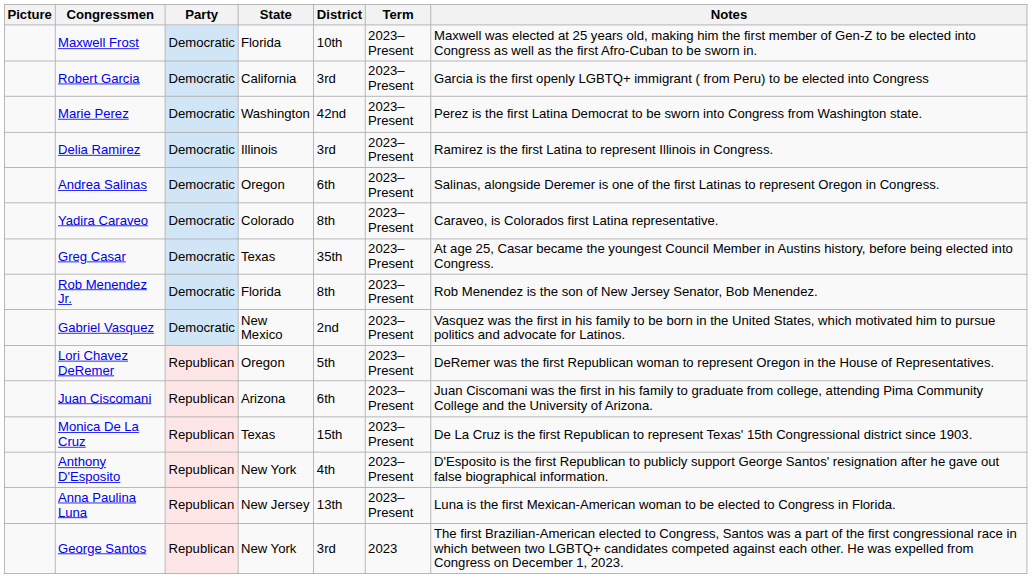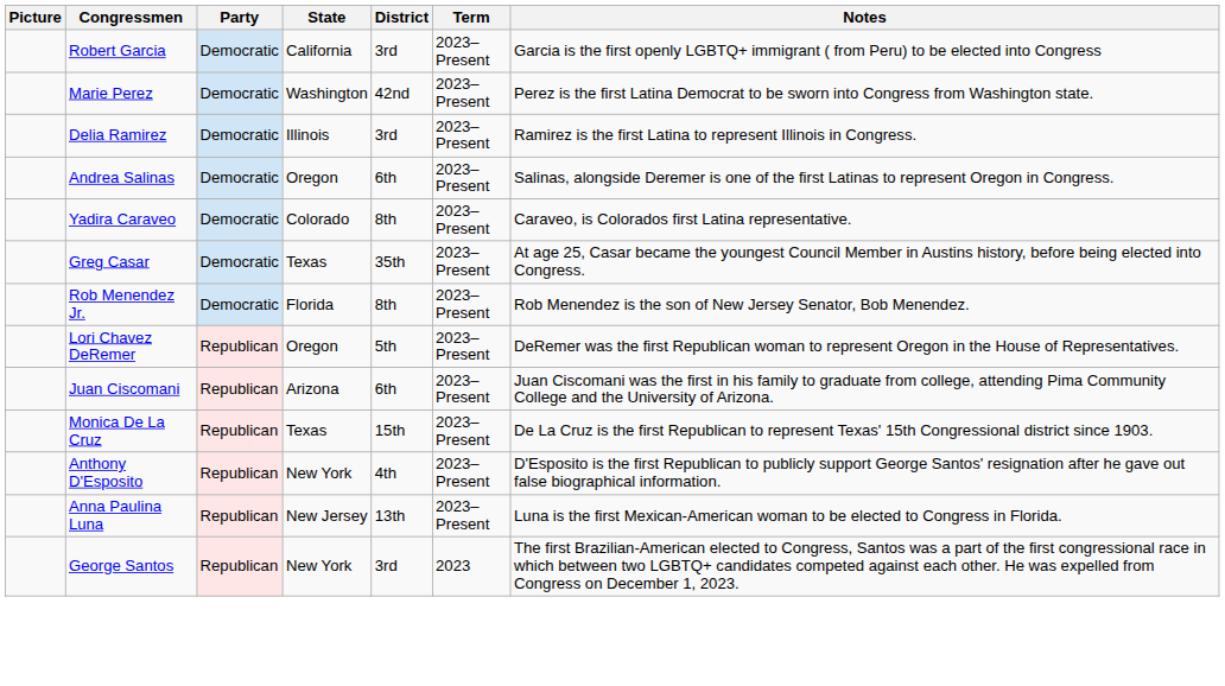 <table class="wikitable">
 <tr>
 <th>Picture</th>
 <th>Congressmen</th>
 <th>Party</th>
 <th>State</th>
 <th>District</th>
 <th>Term</th>
 <th>Notes</th>
-</tr>
-<tr>
-<td></td>
-<td><a href='#'>Maxwell Frost</a></td>
-<td style="background:#d0e5f5;">Democratic</td>
-<td>Florida</td>
-<td>10th</td>
-<td>2023–Present</td>
-<td>Maxwell was elected at 25 years old, making him the first member of Gen-Z to be elected into Congress as well as the first Afro-Cuban to be sworn in.</td>
 </tr>
 <tr>
 <td></td>
 <td><a href='#'>Robert Garcia</a></td>
 <td style="background:#d0e5f5;">Democratic</td>
 <td>California</td>
 <td>3rd</td>
 <td>2023–Present</td>
 <td>Garcia is the first openly LGBTQ+ immigrant ( from Peru) to be elected into Congress </td>
 </tr>
 <tr>
 <td></td>
 <td><a href='#'>Marie Perez</a></td>
 <td style="background:#d0e5f5;">Democratic</td>
 <td>Washington</td>
 <td>42nd</td>
 <td>2023–Present</td>
 <td>Perez is the first Latina Democrat to be sworn into Congress from Washington state.</td>
 </tr>
 <tr>
 <td></td>
 <td><a href='#'>Delia Ramirez</a></td>
 <td style="background:#d0e5f5;">Democratic</td>
 <td>Illinois</td>
 <td>3rd</td>
 <td>2023–Present</td>
 <td>Ramirez is the first Latina to represent Illinois in Congress.</td>
 </tr>
 <tr>
 <td></td>
 <td><a href='#'>Andrea Salinas</a></td>
 <td style="background:#d0e5f5;">Democratic</td>
 <td>Oregon</td>
 <td>6th</td>
 <td>2023–Present</td>
 <td>Salinas, alongside Deremer is one of the first Latinas to represent Oregon in Congress.</td>
 </tr>
 <tr>
 <td></td>
 <td><a href='#'>Yadira Caraveo</a></td>
 <td style="background:#d0e5f5;">Democratic</td>
 <td>Colorado</td>
 <td>8th</td>
 <td>2023–Present</td>
 <td>Caraveo, is Colorados first Latina representative.</td>
 </tr>
 <tr>
 <td></td>
 <td><a href='#'>Greg Casar</a></td>
 <td style="background:#d0e5f5;">Democratic</td>
 <td>Texas</td>
 <td>35th</td>
 <td>2023–Present</td>
 <td>At age 25, Casar became the youngest Council Member in Austins history, before being elected into  Congress.</td>
 </tr>
 <tr>
 <td></td>
 <td><a href='#'>Rob Menendez Jr.</a></td>
 <td style="background:#d0e5f5;">Democratic</td>
 <td>Florida</td>
 <td>8th</td>
 <td>2023–Present</td>
 <td>Rob Menendez is the son of New Jersey Senator, Bob Menendez.</td>
 </tr>
 <tr>
 <td></td>
-<td><a href='#'>Gabriel Vasquez</a></td>
-<td style="background:#d0e5f5;">Democratic</td>
-<td>New Mexico</td>
-<td>2nd</td>
-<td>2023–Present</td>
-<td>Vasquez was the first in his family to be born in the United States, which motivated him to pursue politics and advocate for Latinos.</td>
-</tr>
-<tr>
-<td></td>
 <td><a href='#'>Lori Chavez DeRemer</a></td>
 <td style="background:#FFE6E6;">Republican</td>
 <td>Oregon</td>
 <td>5th</td>
 <td>2023–Present</td>
 <td>DeRemer was the first Republican woman to represent Oregon in the House of Representatives.</td>
 </tr>
 <tr>
 <td></td>
 <td><a href='#'>Juan Ciscomani</a></td>
 <td style="background:#FFE6E6;">Republican</td>
 <td>Arizona</td>
 <td>6th</td>
 <td>2023–Present</td>
 <td>Juan Ciscomani was the first in his family to graduate from college, attending Pima Community College and the University of Arizona.</td>
 </tr>
 <tr>
 <td></td>
 <td><a href='#'>Monica De La Cruz</a></td>
 <td style="background:#FFE6E6;">Republican</td>
 <td>Texas</td>
 <td>15th</td>
 <td>2023–Present</td>
 <td>De La Cruz is the first Republican to represent Texas' 15th Congressional district since 1903.</td>
 </tr>
 <tr>
 <td></td>
 <td><a href='#'>Anthony D'Esposito</a></td>
 <td style="background:#FFE6E6;">Republican</td>
 <td>New York</td>
 <td>4th</td>
 <td>2023–Present</td>
 <td>D'Esposito is the first Republican to publicly support George Santos' resignation after he gave out false biographical information.</td>
 </tr>
 <tr>
 <td></td>
 <td><a href='#'>Anna Paulina Luna</a></td>
 <td style="background:#FFE6E6;">Republican</td>
 <td>New Jersey</td>
 <td>13th</td>
 <td>2023–Present</td>
 <td>Luna is the first Mexican-American woman to be elected to Congress in Florida.</td>
 </tr>
 <tr>
 <td></td>
 <td><a href='#'>George Santos</a></td>
 <td style="background:#FFE6E6;">Republican</td>
 <td>New York</td>
 <td>3rd</td>
 <td>2023</td>
 <td>The first Brazilian-American elected to Congress, Santos was a part of the first congressional race in which between two LGBTQ+ candidates competed against each other. He was expelled from Congress on December 1, 2023.</td>
 </tr>
 </table>
